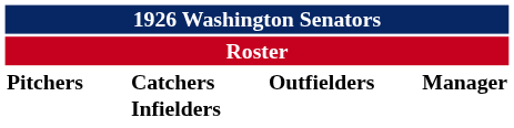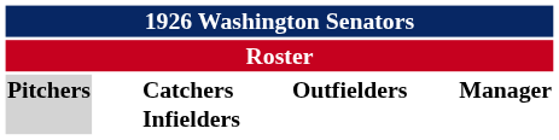 <table class="toccolours" style="font-size: 95%;">
 <tr>
 <th colspan="10" style="background:#072764; color:white; text-align:center;">1926 Washington Senators</th>
 </tr>
 <tr>
 <td colspan="10" style="background:#c6011f; color:white; text-align:center;"><strong>Roster</strong></td>
 </tr>
 <tr>
-<td valign="top"><strong>Pitchers</strong><br>                </td>
+<td valign="top" style="background: lightgrey;"><strong>Pitchers</strong><br>                </td>
 <td style="width:25px;"></td>
 <td valign="top"><strong>Catchers</strong><br>    <strong>Infielders</strong>        </td>
 <td style="width:25px;"></td>
 <td valign="top"><strong>Outfielders</strong><br>     </td>
 <td style="width:25px;"></td>
 <td valign="top"><strong>Manager</strong><br></td>
 </tr>
 </table>
